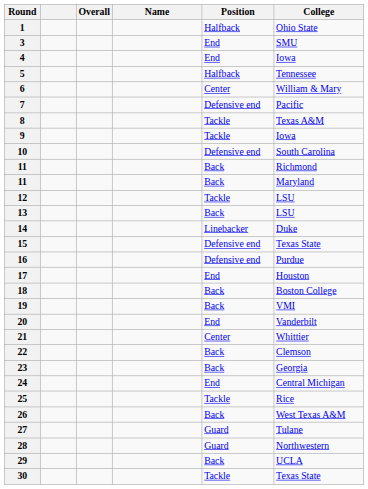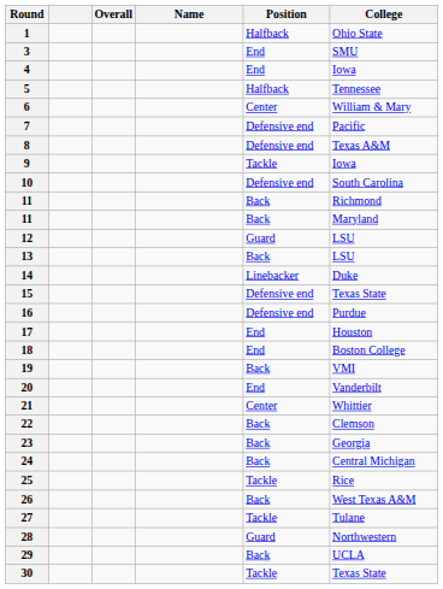 <table class="wikitable sortable">
 <tr>
 <th scope="col" style="width: 10%;">Round</th>
 <th scope="col" style="width: 10%;"></th>
 <th scope="col" style="width: 10%;">Overall</th>
 <th scope="col" style="width: 25%;">Name</th>
 <th scope="col" style="width: 20%;">Position</th>
 <th scope="col" style="width: 25%;">College</th>
 </tr>
 <tr>
 <th scope="row">1</th>
 <td></td>
 <td></td>
 <td></td>
 <td><a href='#'>Halfback</a></td>
 <td><a href='#'>Ohio State</a></td>
 </tr>
 <tr>
 <th scope="row">3</th>
 <td></td>
 <td></td>
 <td></td>
 <td><a href='#'>End</a></td>
 <td><a href='#'>SMU</a></td>
 </tr>
 <tr>
 <th scope="row">4</th>
 <td></td>
 <td></td>
 <td></td>
 <td><a href='#'>End</a></td>
 <td><a href='#'>Iowa</a></td>
 </tr>
 <tr>
 <th scope="row">5</th>
 <td></td>
 <td></td>
 <td></td>
 <td><a href='#'>Halfback</a></td>
 <td><a href='#'>Tennessee</a></td>
 </tr>
 <tr>
 <th scope="row">6</th>
 <td></td>
 <td></td>
 <td></td>
 <td><a href='#'>Center</a></td>
 <td><a href='#'>William & Mary</a></td>
 </tr>
 <tr>
 <th scope="row">7</th>
 <td></td>
 <td></td>
 <td></td>
 <td><a href='#'>Defensive end</a></td>
 <td><a href='#'>Pacific</a></td>
 </tr>
 <tr>
 <th scope="row">8</th>
 <td></td>
 <td></td>
 <td></td>
-<td><a href='#'>Tackle</a></td>
+<td><a href='#'>Defensive end</a></td>
 <td><a href='#'>Texas A&M</a></td>
 </tr>
 <tr>
 <th scope="row">9</th>
 <td></td>
 <td></td>
 <td></td>
 <td><a href='#'>Tackle</a></td>
 <td><a href='#'>Iowa</a></td>
 </tr>
 <tr>
 <th scope="row">10</th>
 <td></td>
 <td></td>
 <td></td>
 <td><a href='#'>Defensive end</a></td>
 <td><a href='#'>South Carolina</a></td>
 </tr>
 <tr>
 <th scope="row">11</th>
 <td></td>
 <td></td>
 <td></td>
 <td><a href='#'>Back</a></td>
 <td><a href='#'>Richmond</a></td>
 </tr>
 <tr>
 <th scope="row">11</th>
 <td></td>
 <td></td>
 <td></td>
 <td><a href='#'>Back</a></td>
 <td><a href='#'>Maryland</a></td>
 </tr>
 <tr>
 <th scope="row">12</th>
 <td></td>
 <td></td>
 <td></td>
-<td><a href='#'>Tackle</a></td>
+<td><a href='#'>Guard</a></td>
 <td><a href='#'>LSU</a></td>
 </tr>
 <tr>
 <th scope="row">13</th>
 <td></td>
 <td></td>
 <td></td>
 <td><a href='#'>Back</a></td>
 <td><a href='#'>LSU</a></td>
 </tr>
 <tr>
 <th scope="row">14</th>
 <td></td>
 <td></td>
 <td></td>
 <td><a href='#'>Linebacker</a></td>
 <td><a href='#'>Duke</a></td>
 </tr>
 <tr>
 <th scope="row">15</th>
 <td></td>
 <td></td>
 <td></td>
 <td><a href='#'>Defensive end</a></td>
 <td><a href='#'>Texas State</a></td>
 </tr>
 <tr>
 <th scope="row">16</th>
 <td></td>
 <td></td>
 <td></td>
 <td><a href='#'>Defensive end</a></td>
 <td><a href='#'>Purdue</a></td>
 </tr>
 <tr>
 <th scope="row">17</th>
 <td></td>
 <td></td>
 <td></td>
 <td><a href='#'>End</a></td>
 <td><a href='#'>Houston</a></td>
 </tr>
 <tr>
 <th scope="row">18</th>
 <td></td>
 <td></td>
 <td></td>
-<td><a href='#'>Back</a></td>
+<td><a href='#'>End</a></td>
 <td><a href='#'>Boston College</a></td>
 </tr>
 <tr>
 <th scope="row">19</th>
 <td></td>
 <td></td>
 <td></td>
 <td><a href='#'>Back</a></td>
 <td><a href='#'>VMI</a></td>
 </tr>
 <tr>
 <th scope="row">20</th>
 <td></td>
 <td></td>
 <td></td>
 <td><a href='#'>End</a></td>
 <td><a href='#'>Vanderbilt</a></td>
 </tr>
 <tr>
 <th scope="row">21</th>
 <td></td>
 <td></td>
 <td></td>
 <td><a href='#'>Center</a></td>
 <td><a href='#'>Whittier</a></td>
 </tr>
 <tr>
 <th scope="row">22</th>
 <td></td>
 <td></td>
 <td></td>
 <td><a href='#'>Back</a></td>
 <td><a href='#'>Clemson</a></td>
 </tr>
 <tr>
 <th scope="row">23</th>
 <td></td>
 <td></td>
 <td></td>
 <td><a href='#'>Back</a></td>
 <td><a href='#'>Georgia</a></td>
 </tr>
 <tr>
 <th scope="row">24</th>
 <td></td>
 <td></td>
 <td></td>
-<td><a href='#'>End</a></td>
+<td><a href='#'>Back</a></td>
 <td><a href='#'>Central Michigan</a></td>
 </tr>
 <tr>
 <th scope="row">25</th>
 <td></td>
 <td></td>
 <td></td>
 <td><a href='#'>Tackle</a></td>
 <td><a href='#'>Rice</a></td>
 </tr>
 <tr>
 <th scope="row">26</th>
 <td></td>
 <td></td>
 <td></td>
 <td><a href='#'>Back</a></td>
 <td><a href='#'>West Texas A&M</a></td>
 </tr>
 <tr>
 <th scope="row">27</th>
 <td></td>
 <td></td>
 <td></td>
-<td><a href='#'>Guard</a></td>
+<td><a href='#'>Tackle</a></td>
 <td><a href='#'>Tulane</a></td>
 </tr>
 <tr>
 <th scope="row">28</th>
 <td></td>
 <td></td>
 <td></td>
 <td><a href='#'>Guard</a></td>
 <td><a href='#'>Northwestern</a></td>
 </tr>
 <tr>
 <th scope="row">29</th>
 <td></td>
 <td></td>
 <td></td>
 <td><a href='#'>Back</a></td>
 <td><a href='#'>UCLA</a></td>
 </tr>
 <tr>
 <th scope="row">30</th>
 <td></td>
 <td></td>
 <td></td>
 <td><a href='#'>Tackle</a></td>
 <td><a href='#'>Texas State</a></td>
 </tr>
 </table>
